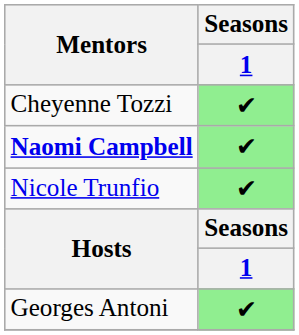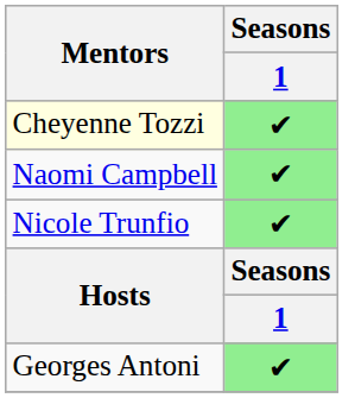 <table class="wikitable">
 <tr>
 <th rowspan="2">Mentors</th>
 <th colspan="2">Seasons</th>
 </tr>
 <tr>
 <th><strong><a href='#'>1</a></strong></th>
 </tr>
 <tr>
-<td>Cheyenne Tozzi</td>
+<td style="background: lightyellow;">Cheyenne Tozzi</td>
 <td colspan="1"  style = "background:lightgreen; text-align:center;">✔</td>
 </tr>
 <tr>
-<td><strong><a href='#'>Naomi Campbell</a></strong></td>
+<td><a href='#'>Naomi Campbell</a></td>
 <td colspan="1"  style = "background:lightgreen; text-align:center;">✔</td>
 </tr>
 <tr>
 <td><a href='#'>Nicole Trunfio</a></td>
 <td colspan="1"  style = "background:lightgreen; text-align:center;">✔</td>
 </tr>
 <tr>
 <th rowspan="2">Hosts</th>
 <th colspan="1">Seasons</th>
 </tr>
 <tr>
 <th><strong><a href='#'>1</a></strong></th>
 </tr>
 <tr>
 <td>Georges Antoni</td>
 <td colspan="1"  style = "background:lightgreen; text-align:center;">✔</td>
 </tr>
 <tr>
 </tr>
 </table>
